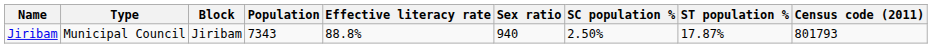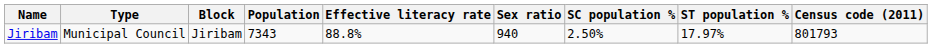 <table class="wikitable sortable">
 <tr>
 <th>Name</th>
 <th>Type</th>
 <th>Block</th>
 <th>Population</th>
 <th>Effective literacy rate</th>
 <th>Sex ratio</th>
 <th>SC population %</th>
 <th>ST population %</th>
 <th>Census code (2011)</th>
 </tr>
 <tr>
 <td><a href='#'>Jiribam</a></td>
 <td>Municipal Council</td>
 <td>Jiribam</td>
 <td>7343</td>
 <td>88.8%</td>
 <td>940</td>
 <td>2.50%</td>
-<td>17.87%</td>
+<td>17.97%</td>
 <td>801793</td>
 </tr>
 </table>
